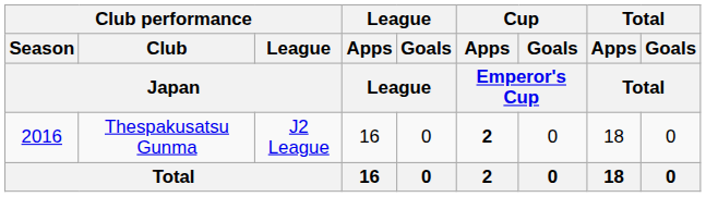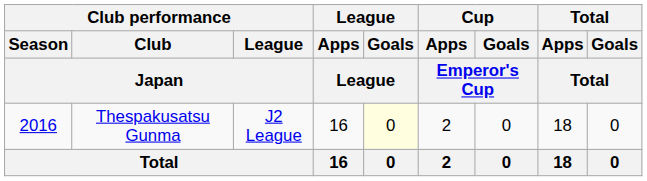 <table class="wikitable" style="text-align:center;">
 <tr>
 <th colspan=3>Club performance</th>
 <th colspan=2>League</th>
 <th colspan=2>Cup</th>
 <th colspan=2>Total</th>
 </tr>
 <tr>
 <th>Season</th>
 <th>Club</th>
 <th>League</th>
 <th>Apps</th>
 <th>Goals</th>
 <th>Apps</th>
 <th>Goals</th>
 <th>Apps</th>
 <th>Goals</th>
 </tr>
 <tr>
 <th colspan=3>Japan</th>
 <th colspan=2>League</th>
 <th colspan=2><a href='#'>Emperor's Cup</a></th>
 <th colspan=2>Total</th>
 </tr>
 <tr>
 <td><a href='#'>2016</a></td>
 <td rowspan="1"><a href='#'>Thespakusatsu Gunma</a></td>
 <td rowspan="1"><a href='#'>J2 League</a></td>
 <td>16</td>
-<td>0</td>
-<td><strong>2</strong></td>
+<td style="background: lightyellow;">0</td>
+<td>2</td>
 <td>0</td>
 <td>18</td>
 <td>0</td>
 </tr>
 <tr>
 <th colspan=3>Total</th>
 <th>16</th>
 <th>0</th>
 <th>2</th>
 <th>0</th>
 <th>18</th>
 <th>0</th>
 </tr>
 </table>
